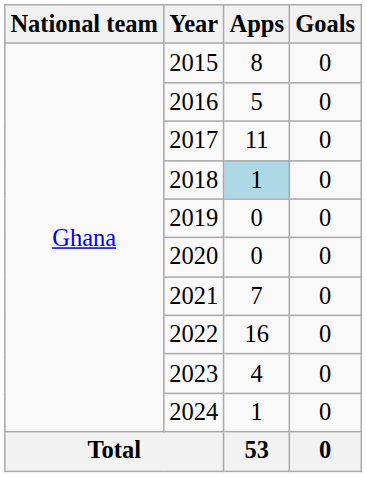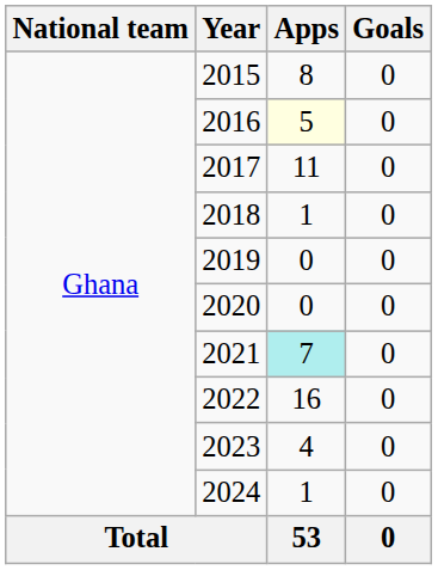 <table class="wikitable" style="text-align:center">
 <tr>
 <th>National team</th>
 <th>Year</th>
 <th>Apps</th>
 <th>Goals</th>
 </tr>
 <tr>
 <td rowspan=10><a href='#'>Ghana</a></td>
 <td>2015</td>
 <td>8</td>
 <td>0</td>
 </tr>
 <tr>
 <td>2016</td>
-<td>5</td>
+<td style="background: lightyellow;">5</td>
 <td>0</td>
 </tr>
 <tr>
 <td>2017</td>
 <td>11</td>
 <td>0</td>
 </tr>
 <tr>
 <td>2018</td>
-<td style="background: lightblue;">1</td>
+<td>1</td>
 <td>0</td>
 </tr>
 <tr>
 <td>2019</td>
 <td>0</td>
 <td>0</td>
 </tr>
 <tr>
 <td>2020</td>
 <td>0</td>
 <td>0</td>
 </tr>
 <tr>
 <td>2021</td>
-<td>7</td>
+<td style="background: paleturquoise;">7</td>
 <td>0</td>
 </tr>
 <tr>
 <td>2022</td>
 <td>16</td>
 <td>0</td>
 </tr>
 <tr>
 <td>2023</td>
 <td>4</td>
 <td>0</td>
 </tr>
 <tr>
 <td>2024</td>
 <td>1</td>
 <td>0</td>
 </tr>
 <tr>
 <th colspan=2>Total</th>
 <th>53</th>
 <th>0</th>
 </tr>
 </table>
